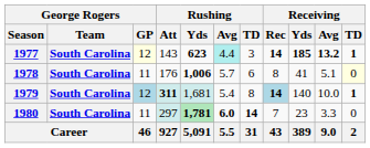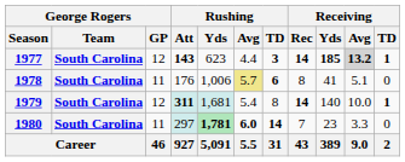 <table class="wikitable" style="text-align:center;">
 <tr>
 <th colspan="3">George Rogers</th>
 <th colspan="4">Rushing</th>
 <th colspan="4">Receiving</th>
 </tr>
 <tr>
 <th>Season</th>
 <th>Team</th>
 <th>GP</th>
 <th>Att</th>
 <th>Yds</th>
 <th>Avg</th>
 <th>TD</th>
 <th>Rec</th>
 <th>Yds</th>
 <th>Avg</th>
 <th>TD</th>
 </tr>
 <tr>
 <th><a href='#'>1977</a></th>
 <th><a href='#'>South Carolina</a></th>
-<td style="background: lightyellow;">12</td>
-<td>143</td>
-<td><strong>623</strong></td>
-<td style="background: paleturquoise;">4.4</td>
-<td>3</td>
+<td>12</td>
+<td><strong>143</strong></td>
+<td>623</td>
+<td>4.4</td>
+<td><strong>3</strong></td>
 <td><strong>14</strong></td>
 <td><strong>185</strong></td>
-<td><strong>13.2</strong></td>
+<td style="background: lightgrey;"><strong>13.2</strong></td>
 <td><strong>1</strong></td>
 </tr>
 <tr>
 <th><a href='#'>1978</a></th>
 <th><a href='#'>South Carolina</a></th>
 <td>11</td>
 <td>176</td>
-<td><strong>1,006</strong></td>
-<td>5.7</td>
-<td>6</td>
+<td>1,006</td>
+<td style="background: khaki;">5.7</td>
+<td><strong>6</strong></td>
 <td>8</td>
 <td>41</td>
 <td>5.1</td>
-<td style="background: lightyellow;">0</td>
+<td>0</td>
 </tr>
 <tr>
 <th><a href='#'>1979</a></th>
 <th><a href='#'>South Carolina</a></th>
-<td style="background: lightblue;">12</td>
+<td>12</td>
 <td style="background:#cfecec;"><strong>311</strong></td>
 <td style="background:#cfecec;">1,681</td>
 <td>5.4</td>
 <td>8</td>
-<td style="background: lightblue;"><strong>14</strong></td>
+<td><strong>14</strong></td>
 <td>140</td>
 <td>10.0</td>
 <td><strong>1</strong></td>
 </tr>
 <tr>
 <th><a href='#'>1980</a></th>
 <th><a href='#'>South Carolina</a></th>
 <td>11</td>
 <td style="background:#cfecec;">297</td>
 <td style="background:#afe6ba;"><strong>1,781</strong></td>
 <td><strong>6.0</strong></td>
 <td><strong>14</strong></td>
 <td>7</td>
 <td>23</td>
 <td>3.3</td>
 <td>0</td>
 </tr>
 <tr>
 <th colspan="2">Career</th>
 <th>46</th>
 <th>927</th>
 <th>5,091</th>
 <th>5.5</th>
 <th>31</th>
 <th>43</th>
 <th>389</th>
 <th>9.0</th>
 <th>2</th>
 </tr>
 </table>
